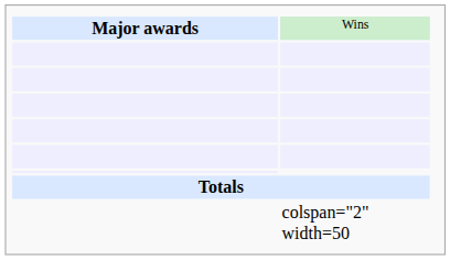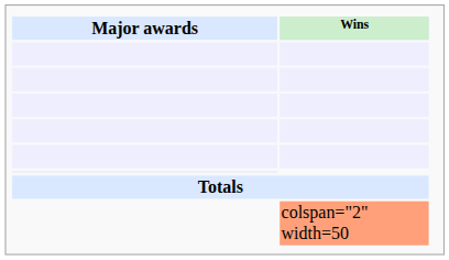 <table class="infobox" style="width: 25em; text-align: left; font-size: 90%; vertical-align: middle;">
 <tr>
 <td colspan="3" style="text-align:center;"></td>
 <td colspan="3" style="text-align:center;"></td>
 </tr>
 <tr style="background:#d9e8ff; text-align:center;">
 <th style="vertical-align: middle;">Major awards</th>
-<td style="background:#cec; font-size:8pt; width:120px;">Wins</td>
+<td style="background:#cec; font-size:8pt; width:120px;"><strong>Wins</strong></td>
 </tr>
 <tr style="background:#eef;">
 <td style="text-align:center;"><br></td>
 <td></td>
 </tr>
 <tr style="background:#eef;">
 <td style="text-align:center;"><br></td>
 <td></td>
 </tr>
 <tr style="background:#eef;">
 <td style="text-align:center;"><br></td>
 <td></td>
 </tr>
 <tr style="background:#eef;">
 <td style="text-align:center;"><br></td>
 <td></td>
 </tr>
 <tr style="background:#eef;">
 <td style="text-align:center;"><br></td>
 <td></td>
 </tr>
 <tr style="background:#eef;">
 <td style="text-align:center;"></td>
 </tr>
 <tr style="background:#d9e8ff;">
 <td colspan="3" style="text-align:center;"><strong>Totals</strong></td>
 </tr>
 <tr>
 <td></td>
-<td>colspan="2" width=50 </td>
+<td style="background: lightsalmon;">colspan="2" width=50 </td>
 </tr>
 <tr>
 </tr>
 </table>
